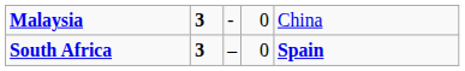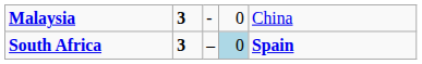 <table class="wikitable">
 <tr>
 <td width=150> <strong><a href='#'>Malaysia</a></strong></td>
 <td style="width:20px; text-align:left;"><strong>3</strong></td>
 <td>-</td>
 <td style="width:20px; text-align:right;">0</td>
 <td width=150> <a href='#'>China</a></td>
 </tr>
 <tr>
 <td> <strong><a href='#'>South Africa</a></strong></td>
 <td style="text-align:left;"><strong>3</strong></td>
 <td>–</td>
-<td style="text-align:right;">0</td>
+<td style="background: lightblue; text-align:right;">0</td>
 <td><strong> <a href='#'>Spain</a></strong></td>
 </tr>
 </table>
